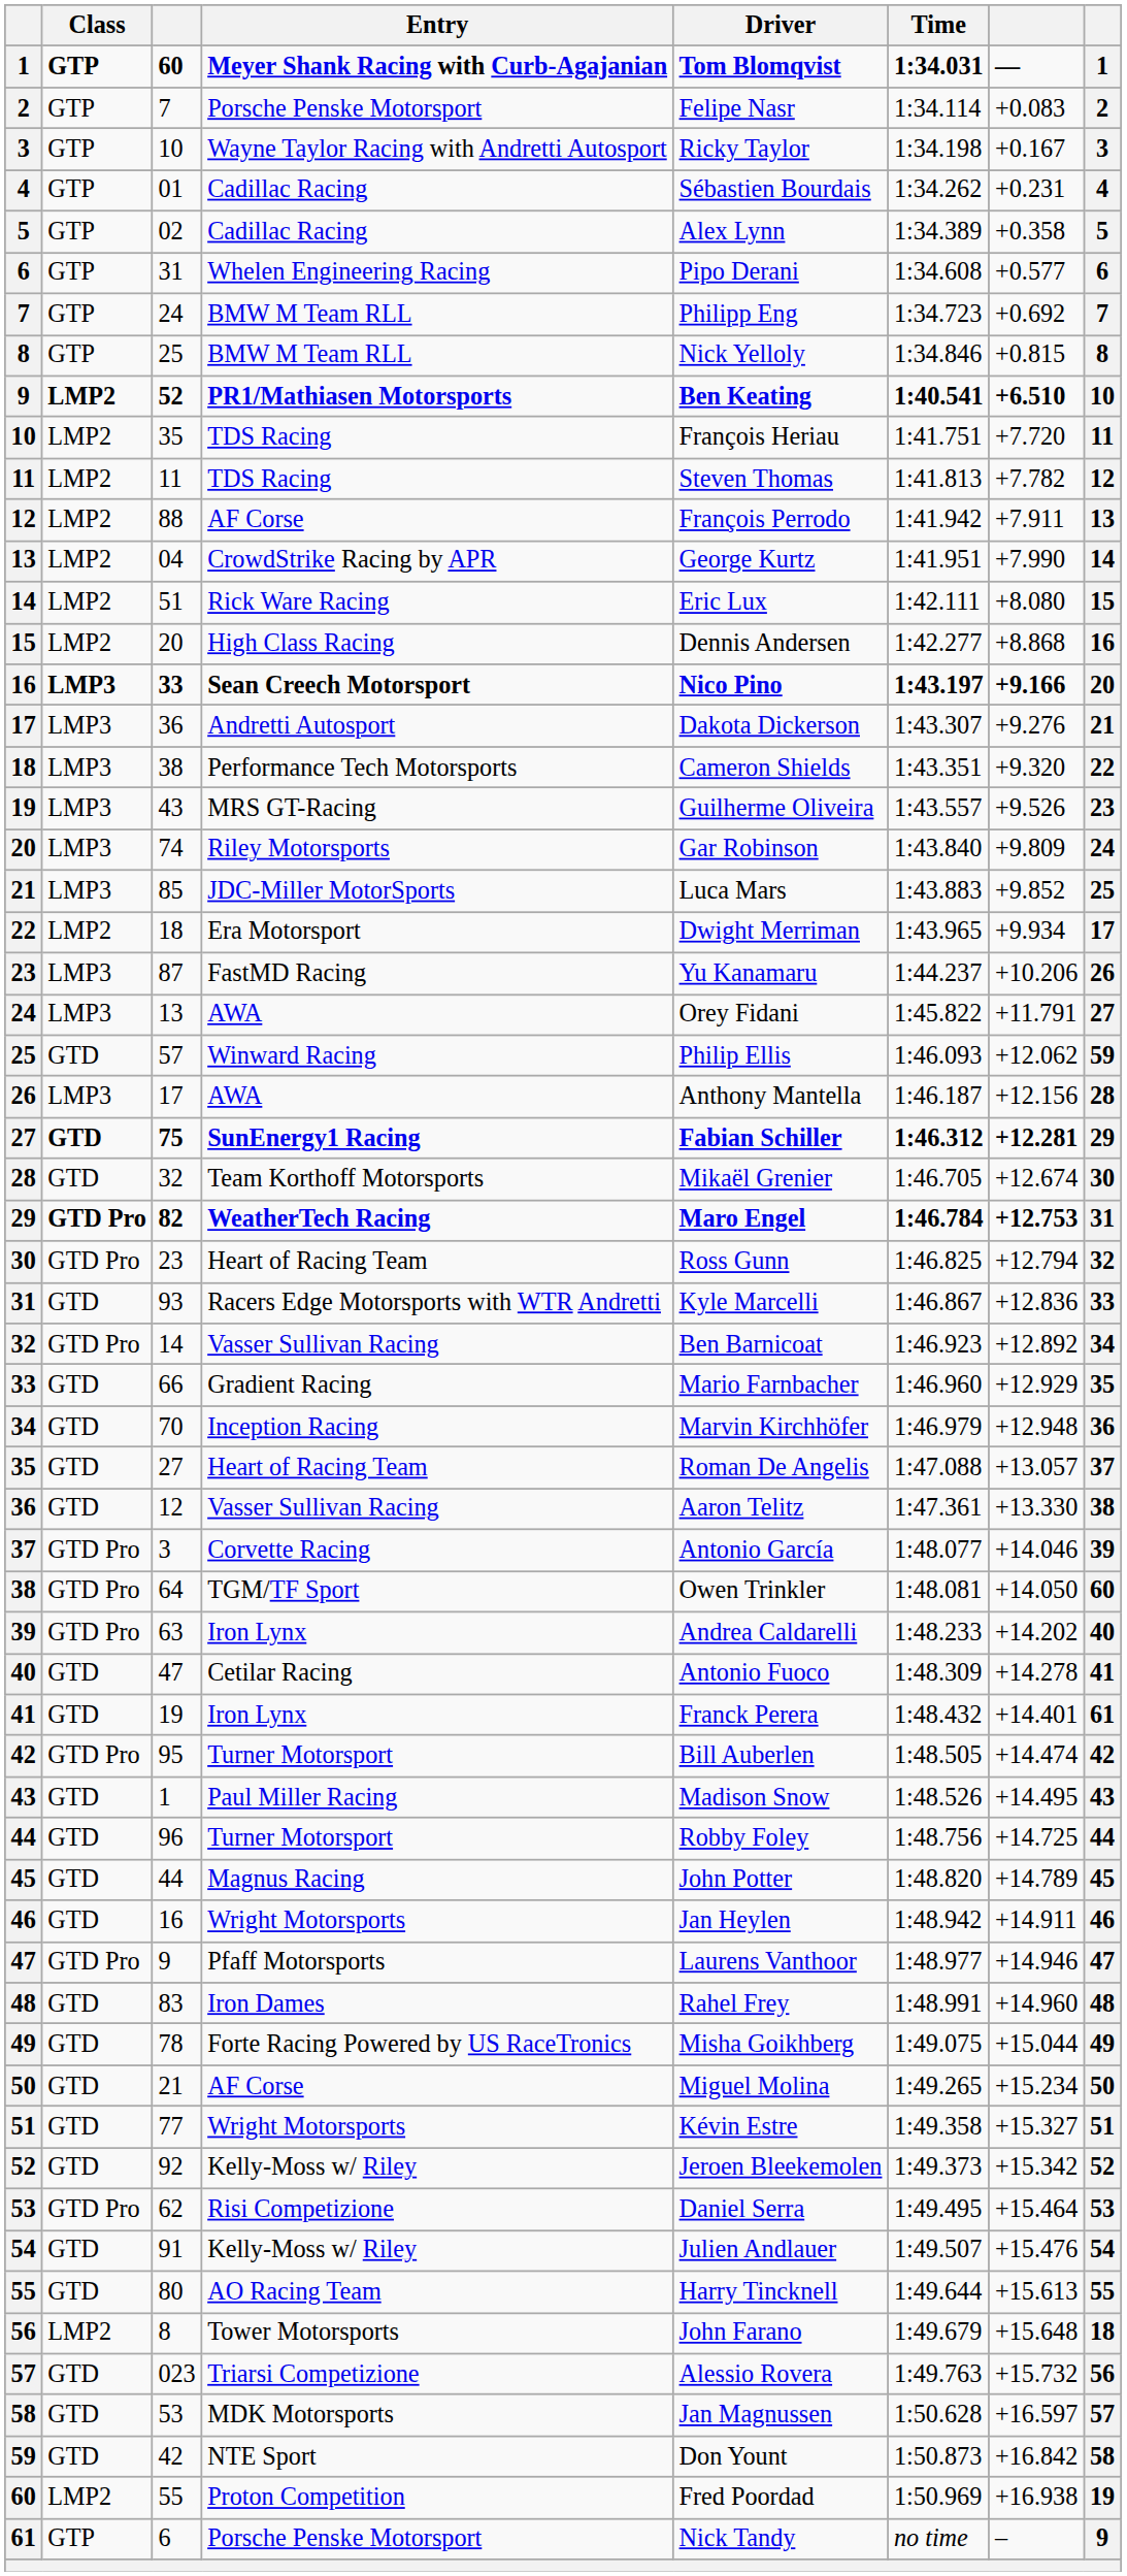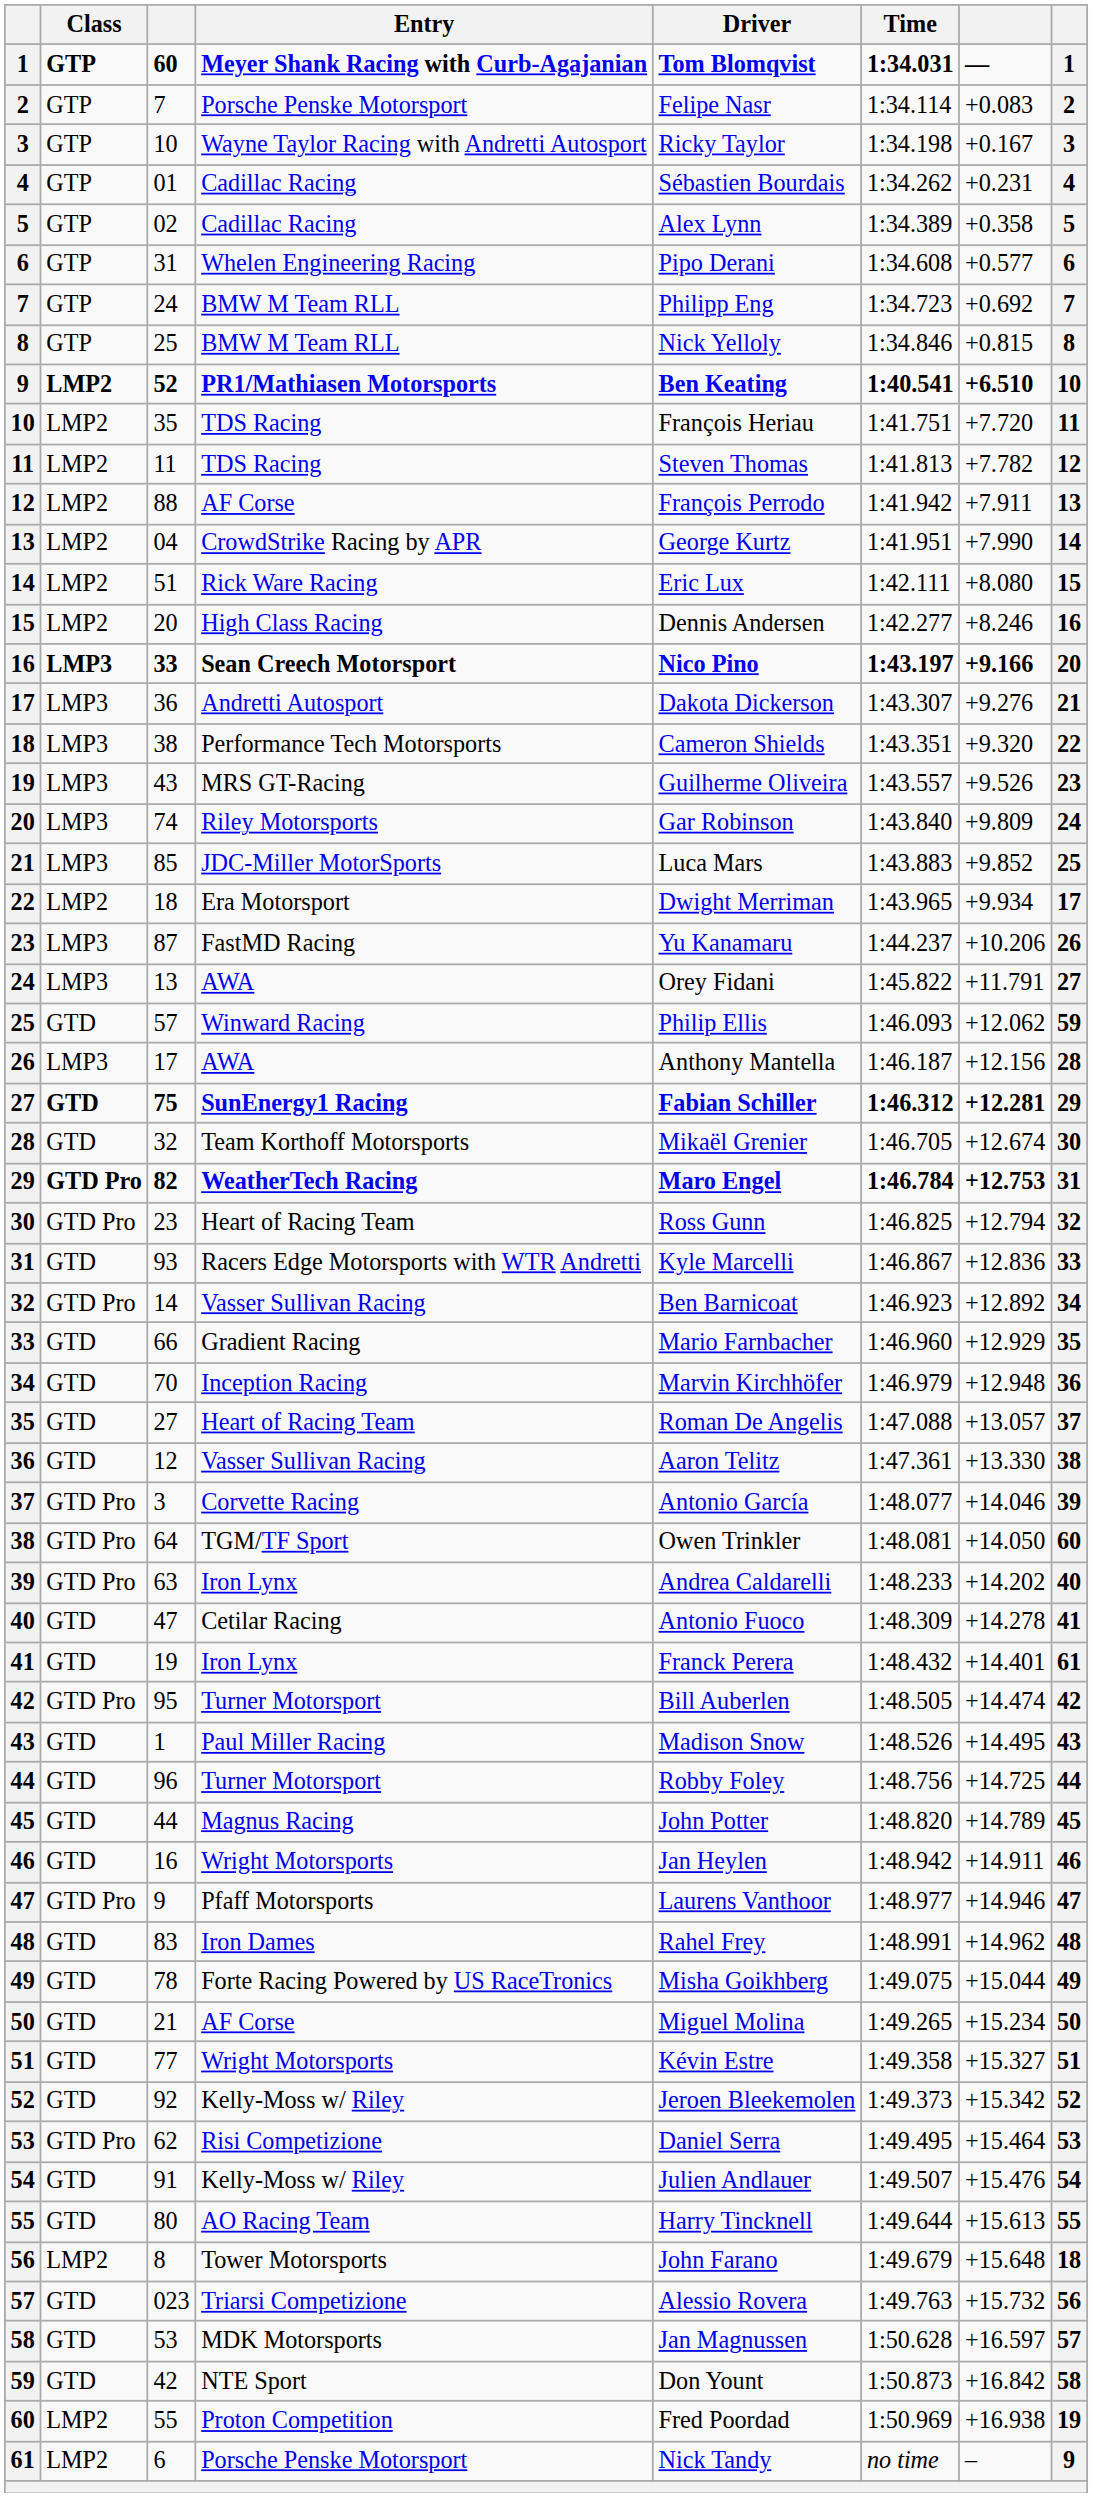 <table class="wikitable" style="font-size: 85%;">
 <tr>
 <th scope="col"></th>
 <th scope="col">Class</th>
 <th scope="col"></th>
 <th scope="col">Entry</th>
 <th scope="col">Driver</th>
 <th scope="col">Time</th>
 <th scope="col"></th>
 <th scope="col"></th>
 </tr>
 <tr style="font-weight:bold">
 <th scope="row">1</th>
 <td>GTP</td>
 <td>60</td>
 <td> <a href='#'>Meyer Shank Racing</a> with <a href='#'>Curb-Agajanian</a></td>
 <td> <a href='#'>Tom Blomqvist</a></td>
 <td>1:34.031</td>
 <td>—</td>
 <th>1</th>
 </tr>
 <tr>
 <th scope="row">2</th>
 <td>GTP</td>
 <td>7</td>
 <td> <a href='#'>Porsche Penske Motorsport</a></td>
 <td> <a href='#'>Felipe Nasr</a></td>
 <td>1:34.114</td>
 <td>+0.083</td>
 <th>2</th>
 </tr>
 <tr>
 <th scope="row">3</th>
 <td>GTP</td>
 <td>10</td>
 <td> <a href='#'>Wayne Taylor Racing</a> with <a href='#'>Andretti Autosport</a></td>
 <td> <a href='#'>Ricky Taylor</a></td>
 <td>1:34.198</td>
 <td>+0.167</td>
 <th>3</th>
 </tr>
 <tr>
 <th scope="row">4</th>
 <td>GTP</td>
 <td>01</td>
 <td> <a href='#'>Cadillac Racing</a></td>
 <td> <a href='#'>Sébastien Bourdais</a></td>
 <td>1:34.262</td>
 <td>+0.231</td>
 <th>4</th>
 </tr>
 <tr>
 <th scope="row">5</th>
 <td>GTP</td>
 <td>02</td>
 <td> <a href='#'>Cadillac Racing</a></td>
 <td> <a href='#'>Alex Lynn</a></td>
 <td>1:34.389</td>
 <td>+0.358</td>
 <th>5</th>
 </tr>
 <tr>
 <th scope="row">6</th>
 <td>GTP</td>
 <td>31</td>
 <td> <a href='#'>Whelen Engineering Racing</a></td>
 <td> <a href='#'>Pipo Derani</a></td>
 <td>1:34.608</td>
 <td>+0.577</td>
 <th>6</th>
 </tr>
 <tr>
 <th scope="row">7</th>
 <td>GTP</td>
 <td>24</td>
 <td> <a href='#'>BMW M Team RLL</a></td>
 <td> <a href='#'>Philipp Eng</a></td>
 <td>1:34.723</td>
 <td>+0.692</td>
 <th>7</th>
 </tr>
 <tr>
 <th scope="row">8</th>
 <td>GTP</td>
 <td>25</td>
 <td> <a href='#'>BMW M Team RLL</a></td>
 <td> <a href='#'>Nick Yelloly</a></td>
 <td>1:34.846</td>
 <td>+0.815</td>
 <th>8</th>
 </tr>
 <tr style="font-weight:bold">
 <th scope=row>9</th>
 <td>LMP2</td>
 <td>52</td>
 <td> <a href='#'>PR1/Mathiasen Motorsports</a></td>
 <td> <a href='#'>Ben Keating</a></td>
 <td>1:40.541</td>
 <td>+6.510</td>
 <th>10</th>
 </tr>
 <tr>
 <th scope=row>10</th>
 <td>LMP2</td>
 <td>35</td>
 <td> <a href='#'>TDS Racing</a></td>
 <td> François Heriau</td>
 <td>1:41.751</td>
 <td>+7.720</td>
 <th>11</th>
 </tr>
 <tr>
 <th scope=row>11</th>
 <td>LMP2</td>
 <td>11</td>
 <td> <a href='#'>TDS Racing</a></td>
 <td> <a href='#'>Steven Thomas</a></td>
 <td>1:41.813</td>
 <td>+7.782</td>
 <th>12</th>
 </tr>
 <tr>
 <th scope=row>12</th>
 <td>LMP2</td>
 <td>88</td>
 <td> <a href='#'>AF Corse</a></td>
 <td> <a href='#'>François Perrodo</a></td>
 <td>1:41.942</td>
 <td>+7.911</td>
 <th>13</th>
 </tr>
 <tr>
 <th scope=row>13</th>
 <td>LMP2</td>
 <td>04</td>
 <td> <a href='#'>CrowdStrike</a> Racing by <a href='#'>APR</a></td>
 <td> <a href='#'>George Kurtz</a></td>
 <td>1:41.951</td>
 <td>+7.990</td>
 <th>14</th>
 </tr>
 <tr>
 <th scope=row>14</th>
 <td>LMP2</td>
 <td>51</td>
 <td> <a href='#'>Rick Ware Racing</a></td>
 <td> <a href='#'>Eric Lux</a></td>
 <td>1:42.111</td>
 <td>+8.080</td>
 <th>15</th>
 </tr>
 <tr>
 <th scope=row>15</th>
 <td>LMP2</td>
 <td>20</td>
 <td> <a href='#'>High Class Racing</a></td>
 <td> Dennis Andersen</td>
 <td>1:42.277</td>
-<td>+8.868</td>
+<td>+8.246</td>
 <th>16</th>
 </tr>
 <tr style="font-weight:bold">
 <th scope=row>16</th>
 <td>LMP3</td>
 <td>33</td>
 <td> Sean Creech Motorsport</td>
 <td> <a href='#'>Nico Pino</a></td>
 <td>1:43.197</td>
 <td>+9.166</td>
 <th>20</th>
 </tr>
 <tr>
 <th scope=row>17</th>
 <td>LMP3</td>
 <td>36</td>
 <td> <a href='#'>Andretti Autosport</a></td>
 <td> <a href='#'>Dakota Dickerson</a></td>
 <td>1:43.307</td>
 <td>+9.276</td>
 <th>21</th>
 </tr>
 <tr>
 <th scope=row>18</th>
 <td>LMP3</td>
 <td>38</td>
 <td> Performance Tech Motorsports</td>
 <td> <a href='#'>Cameron Shields</a></td>
 <td>1:43.351</td>
 <td>+9.320</td>
 <th>22</th>
 </tr>
 <tr>
 <th scope=row>19</th>
 <td>LMP3</td>
 <td>43</td>
 <td> MRS GT-Racing</td>
 <td> <a href='#'>Guilherme Oliveira</a></td>
 <td>1:43.557</td>
 <td>+9.526</td>
 <th>23</th>
 </tr>
 <tr>
 <th scope=row>20</th>
 <td>LMP3</td>
 <td>74</td>
 <td> <a href='#'>Riley Motorsports</a></td>
 <td> <a href='#'>Gar Robinson</a></td>
 <td>1:43.840</td>
 <td>+9.809</td>
 <th>24</th>
 </tr>
 <tr>
 <th scope=row>21</th>
 <td>LMP3</td>
 <td>85</td>
 <td> <a href='#'>JDC-Miller MotorSports</a></td>
 <td> Luca Mars</td>
 <td>1:43.883</td>
 <td>+9.852</td>
 <th>25</th>
 </tr>
 <tr>
 <th scope=row>22</th>
 <td>LMP2</td>
 <td>18</td>
 <td> Era Motorsport</td>
 <td> <a href='#'>Dwight Merriman</a></td>
 <td>1:43.965</td>
 <td>+9.934</td>
 <th>17</th>
 </tr>
 <tr>
 <th scope=row>23</th>
 <td>LMP3</td>
 <td>87</td>
 <td> FastMD Racing</td>
 <td> <a href='#'>Yu Kanamaru</a></td>
 <td>1:44.237</td>
 <td>+10.206</td>
 <th>26</th>
 </tr>
 <tr>
 <th scope=row>24</th>
 <td>LMP3</td>
 <td>13</td>
 <td> <a href='#'>AWA</a></td>
 <td> Orey Fidani</td>
 <td>1:45.822</td>
 <td>+11.791</td>
 <th>27</th>
 </tr>
 <tr>
 <th scope=row>25</th>
 <td>GTD</td>
 <td>57</td>
 <td> <a href='#'>Winward Racing</a></td>
 <td> <a href='#'>Philip Ellis</a></td>
 <td>1:46.093</td>
 <td>+12.062</td>
 <th>59</th>
 </tr>
 <tr>
 <th scope=row>26</th>
 <td>LMP3</td>
 <td>17</td>
 <td> <a href='#'>AWA</a></td>
 <td> Anthony Mantella</td>
 <td>1:46.187</td>
 <td>+12.156</td>
 <th>28</th>
 </tr>
 <tr style="font-weight:bold">
 <th scope=row>27</th>
 <td>GTD</td>
 <td>75</td>
 <td> <a href='#'>SunEnergy1 Racing</a></td>
 <td> <a href='#'>Fabian Schiller</a></td>
 <td>1:46.312</td>
 <td>+12.281</td>
 <th>29</th>
 </tr>
 <tr>
 <th scope=row>28</th>
 <td>GTD</td>
 <td>32</td>
 <td> Team Korthoff Motorsports</td>
 <td> <a href='#'>Mikaël Grenier</a></td>
 <td>1:46.705</td>
 <td>+12.674</td>
 <th>30</th>
 </tr>
 <tr style="font-weight:bold">
 <th scope=row>29</th>
 <td>GTD Pro</td>
 <td>82</td>
 <td> <a href='#'>WeatherTech Racing</a></td>
 <td> <a href='#'>Maro Engel</a></td>
 <td>1:46.784</td>
 <td>+12.753</td>
 <th>31</th>
 </tr>
 <tr>
 <th scope=row>30</th>
 <td>GTD Pro</td>
 <td>23</td>
 <td> Heart of Racing Team</td>
 <td> <a href='#'>Ross Gunn</a></td>
 <td>1:46.825</td>
 <td>+12.794</td>
 <th>32</th>
 </tr>
 <tr>
 <th scope=row>31</th>
 <td>GTD</td>
 <td>93</td>
 <td> Racers Edge Motorsports with <a href='#'>WTR</a> <a href='#'>Andretti</a></td>
 <td> <a href='#'>Kyle Marcelli</a></td>
 <td>1:46.867</td>
 <td>+12.836</td>
 <th>33</th>
 </tr>
 <tr>
 <th scope=row>32</th>
 <td>GTD Pro</td>
 <td>14</td>
 <td> <a href='#'>Vasser Sullivan Racing</a></td>
 <td> <a href='#'>Ben Barnicoat</a></td>
 <td>1:46.923</td>
 <td>+12.892</td>
 <th>34</th>
 </tr>
 <tr>
 <th scope=row>33</th>
 <td>GTD</td>
 <td>66</td>
 <td> Gradient Racing</td>
 <td> <a href='#'>Mario Farnbacher</a></td>
 <td>1:46.960</td>
 <td>+12.929</td>
 <th>35</th>
 </tr>
 <tr>
 <th scope=row>34</th>
 <td>GTD</td>
 <td>70</td>
 <td> <a href='#'>Inception Racing</a></td>
 <td> <a href='#'>Marvin Kirchhöfer</a></td>
 <td>1:46.979</td>
 <td>+12.948</td>
 <th>36</th>
 </tr>
 <tr>
 <th scope=row>35</th>
 <td>GTD</td>
 <td>27</td>
 <td> <a href='#'>Heart of Racing Team</a></td>
 <td> <a href='#'>Roman De Angelis</a></td>
 <td>1:47.088</td>
 <td>+13.057</td>
 <th>37</th>
 </tr>
 <tr>
 <th scope=row>36</th>
 <td>GTD</td>
 <td>12</td>
 <td> <a href='#'>Vasser Sullivan Racing</a></td>
 <td> <a href='#'>Aaron Telitz</a></td>
 <td>1:47.361</td>
 <td>+13.330</td>
 <th>38</th>
 </tr>
 <tr>
 <th scope=row>37</th>
 <td>GTD Pro</td>
 <td>3</td>
 <td> <a href='#'>Corvette Racing</a></td>
 <td> <a href='#'>Antonio García</a></td>
 <td>1:48.077</td>
 <td>+14.046</td>
 <th>39</th>
 </tr>
 <tr>
 <th scope=row>38</th>
 <td>GTD Pro</td>
 <td>64</td>
 <td> TGM/<a href='#'>TF Sport</a></td>
 <td> Owen Trinkler</td>
 <td>1:48.081</td>
 <td>+14.050</td>
 <th>60</th>
 </tr>
 <tr>
 <th scope=row>39</th>
 <td>GTD Pro</td>
 <td>63</td>
 <td> <a href='#'>Iron Lynx</a></td>
 <td> <a href='#'>Andrea Caldarelli</a></td>
 <td>1:48.233</td>
 <td>+14.202</td>
 <th>40</th>
 </tr>
 <tr>
 <th scope=row>40</th>
 <td>GTD</td>
 <td>47</td>
 <td> Cetilar Racing</td>
 <td> <a href='#'>Antonio Fuoco</a></td>
 <td>1:48.309</td>
 <td>+14.278</td>
 <th>41</th>
 </tr>
 <tr>
 <th scope=row>41</th>
 <td>GTD</td>
 <td>19</td>
 <td> <a href='#'>Iron Lynx</a></td>
 <td> <a href='#'>Franck Perera</a></td>
 <td>1:48.432</td>
 <td>+14.401</td>
 <th>61</th>
 </tr>
 <tr>
 <th scope=row>42</th>
 <td>GTD Pro</td>
 <td>95</td>
 <td> <a href='#'>Turner Motorsport</a></td>
 <td> <a href='#'>Bill Auberlen</a></td>
 <td>1:48.505</td>
 <td>+14.474</td>
 <th>42</th>
 </tr>
 <tr>
 <th scope=row>43</th>
 <td>GTD</td>
 <td>1</td>
 <td> <a href='#'>Paul Miller Racing</a></td>
 <td> <a href='#'>Madison Snow</a></td>
 <td>1:48.526</td>
 <td>+14.495</td>
 <th>43</th>
 </tr>
 <tr>
 <th scope=row>44</th>
 <td>GTD</td>
 <td>96</td>
 <td> <a href='#'>Turner Motorsport</a></td>
 <td> <a href='#'>Robby Foley</a></td>
 <td>1:48.756</td>
 <td>+14.725</td>
 <th>44</th>
 </tr>
 <tr>
 <th scope=row>45</th>
 <td>GTD</td>
 <td>44</td>
 <td> <a href='#'>Magnus Racing</a></td>
 <td> <a href='#'>John Potter</a></td>
 <td>1:48.820</td>
 <td>+14.789</td>
 <th>45</th>
 </tr>
 <tr>
 <th scope=row>46</th>
 <td>GTD</td>
 <td>16</td>
 <td> <a href='#'>Wright Motorsports</a></td>
 <td> <a href='#'>Jan Heylen</a></td>
 <td>1:48.942</td>
 <td>+14.911</td>
 <th>46</th>
 </tr>
 <tr>
 <th scope=row>47</th>
 <td>GTD Pro</td>
 <td>9</td>
 <td> Pfaff Motorsports</td>
 <td> <a href='#'>Laurens Vanthoor</a></td>
 <td>1:48.977</td>
 <td>+14.946</td>
 <th>47</th>
 </tr>
 <tr>
 <th scope=row>48</th>
 <td>GTD</td>
 <td>83</td>
 <td> <a href='#'>Iron Dames</a></td>
 <td> <a href='#'>Rahel Frey</a></td>
 <td>1:48.991</td>
-<td>+14.960</td>
+<td>+14.962</td>
 <th>48</th>
 </tr>
 <tr>
 <th scope=row>49</th>
 <td>GTD</td>
 <td>78</td>
 <td> Forte Racing Powered by <a href='#'>US RaceTronics</a></td>
 <td> <a href='#'>Misha Goikhberg</a></td>
 <td>1:49.075</td>
 <td>+15.044</td>
 <th>49</th>
 </tr>
 <tr>
 <th scope=row>50</th>
 <td>GTD</td>
 <td>21</td>
 <td> <a href='#'>AF Corse</a></td>
 <td> <a href='#'>Miguel Molina</a></td>
 <td>1:49.265</td>
 <td>+15.234</td>
 <th>50</th>
 </tr>
 <tr>
 <th scope=row>51</th>
 <td>GTD</td>
 <td>77</td>
 <td> <a href='#'>Wright Motorsports</a></td>
 <td> <a href='#'>Kévin Estre</a></td>
 <td>1:49.358</td>
 <td>+15.327</td>
 <th>51</th>
 </tr>
 <tr>
 <th scope=row>52</th>
 <td>GTD</td>
 <td>92</td>
 <td> Kelly-Moss w/ <a href='#'>Riley</a></td>
 <td> <a href='#'>Jeroen Bleekemolen</a></td>
 <td>1:49.373</td>
 <td>+15.342</td>
 <th>52</th>
 </tr>
 <tr>
 <th scope=row>53</th>
 <td>GTD Pro</td>
 <td>62</td>
 <td> <a href='#'>Risi Competizione</a></td>
 <td> <a href='#'>Daniel Serra</a></td>
 <td>1:49.495</td>
 <td>+15.464</td>
 <th>53</th>
 </tr>
 <tr>
 <th scope=row>54</th>
 <td>GTD</td>
 <td>91</td>
 <td> Kelly-Moss w/ <a href='#'>Riley</a></td>
 <td> <a href='#'>Julien Andlauer</a></td>
 <td>1:49.507</td>
 <td>+15.476</td>
 <th>54</th>
 </tr>
 <tr>
 <th scope=row>55</th>
 <td>GTD</td>
 <td>80</td>
 <td> <a href='#'>AO Racing Team</a></td>
 <td> <a href='#'>Harry Tincknell</a></td>
 <td>1:49.644</td>
 <td>+15.613</td>
 <th>55</th>
 </tr>
 <tr>
 <th scope=row>56</th>
 <td>LMP2</td>
 <td>8</td>
 <td> Tower Motorsports</td>
 <td> <a href='#'>John Farano</a></td>
 <td>1:49.679</td>
 <td>+15.648</td>
 <th>18</th>
 </tr>
 <tr>
 <th scope=row>57</th>
 <td>GTD</td>
 <td>023</td>
 <td> <a href='#'>Triarsi Competizione</a></td>
 <td> <a href='#'>Alessio Rovera</a></td>
 <td>1:49.763</td>
 <td>+15.732</td>
 <th>56</th>
 </tr>
 <tr>
 <th scope=row>58</th>
 <td>GTD</td>
 <td>53</td>
 <td> MDK Motorsports</td>
 <td> <a href='#'>Jan Magnussen</a></td>
 <td>1:50.628</td>
 <td>+16.597</td>
 <th>57</th>
 </tr>
 <tr>
 <th scope=row>59</th>
 <td>GTD</td>
 <td>42</td>
 <td> NTE Sport</td>
 <td> Don Yount</td>
 <td>1:50.873</td>
 <td>+16.842</td>
 <th>58</th>
 </tr>
 <tr>
 <th scope=row>60</th>
 <td>LMP2</td>
 <td>55</td>
 <td> <a href='#'>Proton Competition</a></td>
 <td> Fred Poordad</td>
 <td>1:50.969</td>
 <td>+16.938</td>
 <th>19</th>
 </tr>
 <tr>
 <th>61</th>
-<td>GTP</td>
+<td>LMP2</td>
 <td>6</td>
 <td> <a href='#'>Porsche Penske Motorsport</a></td>
 <td> <a href='#'>Nick Tandy</a></td>
 <td><em>no time</em></td>
 <td>–</td>
 <th>9</th>
 </tr>
 <tr>
 <th colspan=8> </th>
 </tr>
 </table>
